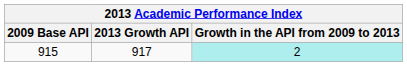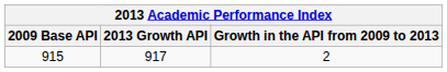 <table class="wikitable" style="text-align:center">
 <tr>
 <th colspan="3">2013 <a href='#'>Academic Performance Index</a></th>
 </tr>
 <tr>
 <th>2009 Base API </th>
 <th>2013 Growth API </th>
 <th>Growth in the API from 2009 to 2013</th>
 </tr>
 <tr>
 <td>915</td>
 <td>917</td>
-<td style="background: paleturquoise;">2</td>
+<td>2</td>
 </tr>
 </table>
